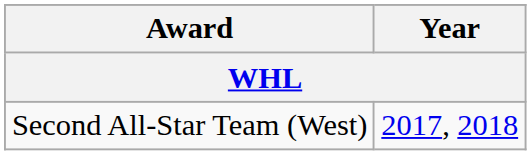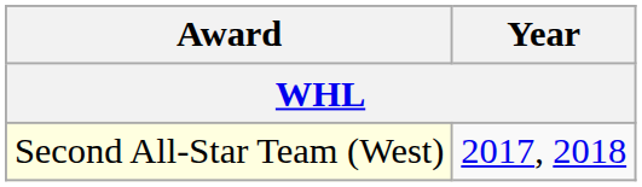 <table class="wikitable">
 <tr>
 <th>Award</th>
 <th>Year</th>
 </tr>
 <tr>
 <th colspan="3"><a href='#'>WHL</a></th>
 </tr>
 <tr>
-<td>Second All-Star Team (West)</td>
+<td style="background: lightyellow;">Second All-Star Team (West)</td>
 <td><a href='#'>2017</a>, <a href='#'>2018</a></td>
 </tr>
 </table>
